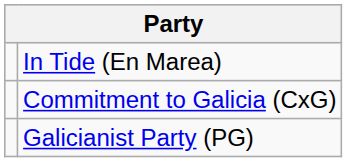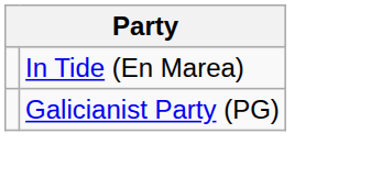 <table class="wikitable" style="text-align:left; font-size:95%;">
 <tr>
 <th colspan="2">Party</th>
 </tr>
 <tr>
 <td width="1"></td>
 <td><a href='#'>In Tide</a> (En Marea)</td>
 </tr>
 <tr>
 <td></td>
-<td><a href='#'>Commitment to Galicia</a> (CxG)</td>
-</tr>
-<tr>
-<td></td>
 <td><a href='#'>Galicianist Party</a> (PG)</td>
 </tr>
 </table>
